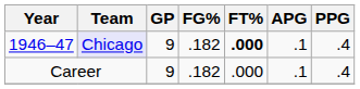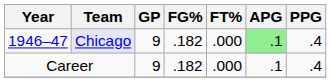 <table class="wikitable sortable" style="font-size:95%; text-align:right;">
 <tr>
 <th>Year</th>
 <th>Team</th>
 <th>GP</th>
 <th>FG%</th>
 <th>FT%</th>
 <th>APG</th>
 <th>PPG</th>
 </tr>
 <tr>
 <td style="text-align:left;"><a href='#'>1946–47</a></td>
 <td style="background: lavender; text-align:left;"><a href='#'>Chicago</a></td>
 <td>9</td>
 <td>.182</td>
-<td><strong>.000</strong></td>
-<td>.1</td>
+<td>.000</td>
+<td style="background: lightgreen;">.1</td>
 <td>.4</td>
 </tr>
 <tr>
 <td style="text-align:center;" colspan="2">Career</td>
 <td>9</td>
 <td>.182</td>
 <td>.000</td>
 <td>.1</td>
 <td>.4</td>
 </tr>
 <tr>
 </tr>
 </table>
